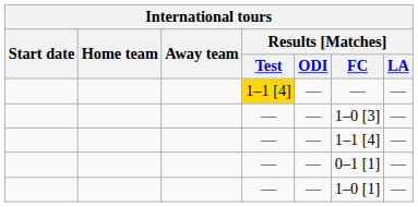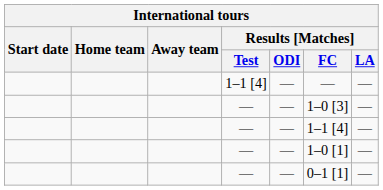 <table class="wikitable">
 <tr>
 <th colspan="7">International tours</th>
 </tr>
 <tr>
 <th rowspan="2">Start date</th>
 <th rowspan="2">Home team</th>
 <th rowspan="2">Away team</th>
 <th colspan="4">Results [Matches]</th>
 </tr>
 <tr>
 <th><a href='#'>Test</a></th>
 <th><a href='#'>ODI</a></th>
 <th><a href='#'>FC</a></th>
 <th><a href='#'>LA</a></th>
 </tr>
 <tr>
 <td><a href='#'></a></td>
 <td></td>
 <td></td>
-<td style="background: gold;">1–1 [4]</td>
+<td>1–1 [4]</td>
 <td ; style="text-align:center">—</td>
 <td ; style="text-align:center">—</td>
 <td ; style="text-align:center">—</td>
 </tr>
 <tr>
 <td><a href='#'></a></td>
 <td></td>
 <td></td>
 <td ; style="text-align:center">—</td>
 <td ; style="text-align:center">—</td>
 <td>1–0 [3]</td>
 <td ; style="text-align:center">—</td>
 </tr>
 <tr>
 <td><a href='#'></a></td>
 <td></td>
 <td></td>
 <td ; style="text-align:center">—</td>
 <td ; style="text-align:center">—</td>
 <td>1–1 [4]</td>
 <td ; style="text-align:center">—</td>
 </tr>
 <tr>
 <td><a href='#'></a></td>
 <td></td>
 <td></td>
 <td ; style="text-align:center">—</td>
 <td ; style="text-align:center">—</td>
-<td>0–1 [1]</td>
+<td>1–0 [1]</td>
 <td ; style="text-align:center">—</td>
 </tr>
 <tr>
 <td><a href='#'></a></td>
 <td></td>
 <td></td>
 <td ; style="text-align:center">—</td>
 <td ; style="text-align:center">—</td>
-<td>1–0 [1]</td>
+<td>0–1 [1]</td>
 <td ; style="text-align:center">—</td>
 </tr>
 </table>
